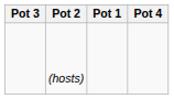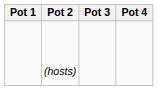 <table class="wikitable">
 <tr>
+<th width=25%>Pot 1</th>
+<th width=25%>Pot 2</th>
 <th width=25%>Pot 3</th>
-<th width=25%>Pot 2</th>
-<th width=25%>Pot 1</th>
 <th width=25%>Pot 4</th>
 </tr>
 <tr>
 <td><br> <br>  <br>  <br> </td>
 <td><br> <br>  <br>  <em>(hosts)</em> <br> </td>
 <td><br> <br>  <br>  <br> </td>
 <td><br> <br>  <br>  <br>  <br> </td>
 </tr>
 </table>
